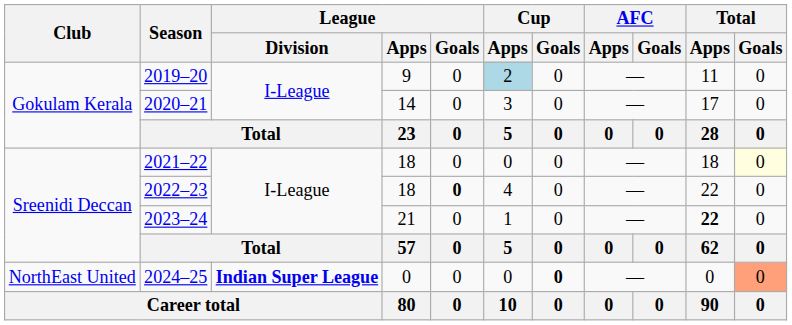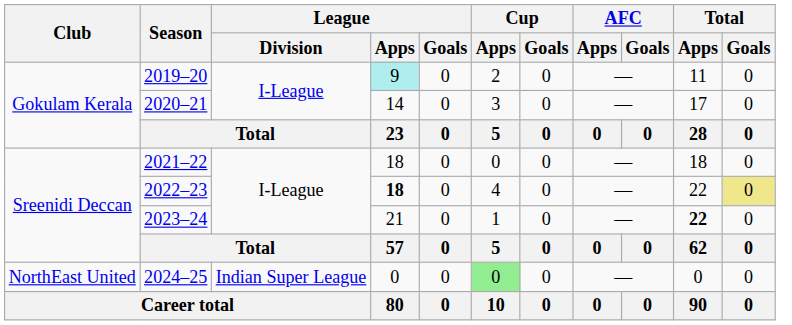 <table class="wikitable" style="text-align: center;">
 <tr>
 <th rowspan="2">Club</th>
 <th rowspan="2">Season</th>
 <th colspan="3">League</th>
 <th colspan="2">Cup</th>
 <th colspan="2"><a href='#'>AFC</a></th>
 <th colspan="2">Total</th>
 </tr>
 <tr>
 <th>Division</th>
 <th>Apps</th>
 <th>Goals</th>
 <th>Apps</th>
 <th>Goals</th>
 <th>Apps</th>
 <th>Goals</th>
 <th>Apps</th>
 <th>Goals</th>
 </tr>
 <tr>
 <td rowspan="3"><a href='#'>Gokulam Kerala</a></td>
 <td><a href='#'>2019–20</a></td>
 <td rowspan="2"><a href='#'>I-League</a></td>
-<td>9</td>
+<td style="background: paleturquoise;">9</td>
 <td>0</td>
-<td style="background: lightblue;">2</td>
+<td>2</td>
 <td>0</td>
 <td colspan="2">—</td>
 <td>11</td>
 <td>0</td>
 </tr>
 <tr>
 <td><a href='#'>2020–21</a></td>
 <td>14</td>
 <td>0</td>
 <td>3</td>
 <td>0</td>
 <td colspan="2">—</td>
 <td>17</td>
 <td>0</td>
 </tr>
 <tr>
 <th colspan="2">Total</th>
 <th>23</th>
 <th>0</th>
 <th>5</th>
 <th>0</th>
 <th>0</th>
 <th>0</th>
 <th>28</th>
 <th>0</th>
 </tr>
 <tr>
 <td rowspan="4"><a href='#'>Sreenidi Deccan</a></td>
 <td><a href='#'>2021–22</a></td>
 <td rowspan="3">I-League</td>
 <td>18</td>
 <td>0</td>
 <td>0</td>
 <td>0</td>
 <td colspan="2">—</td>
 <td>18</td>
-<td style="background: lightyellow;">0</td>
+<td>0</td>
 </tr>
 <tr>
 <td><a href='#'>2022–23</a></td>
-<td>18</td>
-<td><strong>0</strong></td>
+<td><strong>18</strong></td>
+<td>0</td>
 <td>4</td>
 <td>0</td>
 <td colspan="2">—</td>
 <td>22</td>
-<td>0</td>
+<td style="background: khaki;">0</td>
 </tr>
 <tr>
 <td><a href='#'>2023–24</a></td>
 <td>21</td>
 <td>0</td>
 <td>1</td>
 <td>0</td>
 <td colspan="2">—</td>
 <td><strong>22</strong></td>
 <td>0</td>
 </tr>
 <tr>
 <th colspan="2">Total</th>
 <th>57</th>
 <th>0</th>
 <th>5</th>
 <th>0</th>
 <th>0</th>
 <th>0</th>
 <th>62</th>
 <th>0</th>
 </tr>
 <tr>
 <td rowspan="1"><a href='#'>NorthEast United</a></td>
 <td><a href='#'>2024–25</a></td>
-<td rowspan="1"><strong><a href='#'>Indian Super League</a></strong></td>
+<td rowspan="1"><a href='#'>Indian Super League</a></td>
 <td>0</td>
 <td>0</td>
+<td style="background: lightgreen;">0</td>
 <td>0</td>
-<td><strong>0</strong></td>
 <td colspan="2">—</td>
 <td>0</td>
-<td style="background: lightsalmon;">0</td>
+<td>0</td>
 </tr>
 <tr>
 <th colspan="3">Career total</th>
 <th>80</th>
 <th>0</th>
 <th>10</th>
 <th>0</th>
 <th>0</th>
 <th>0</th>
 <th>90</th>
 <th>0</th>
 </tr>
 </table>
